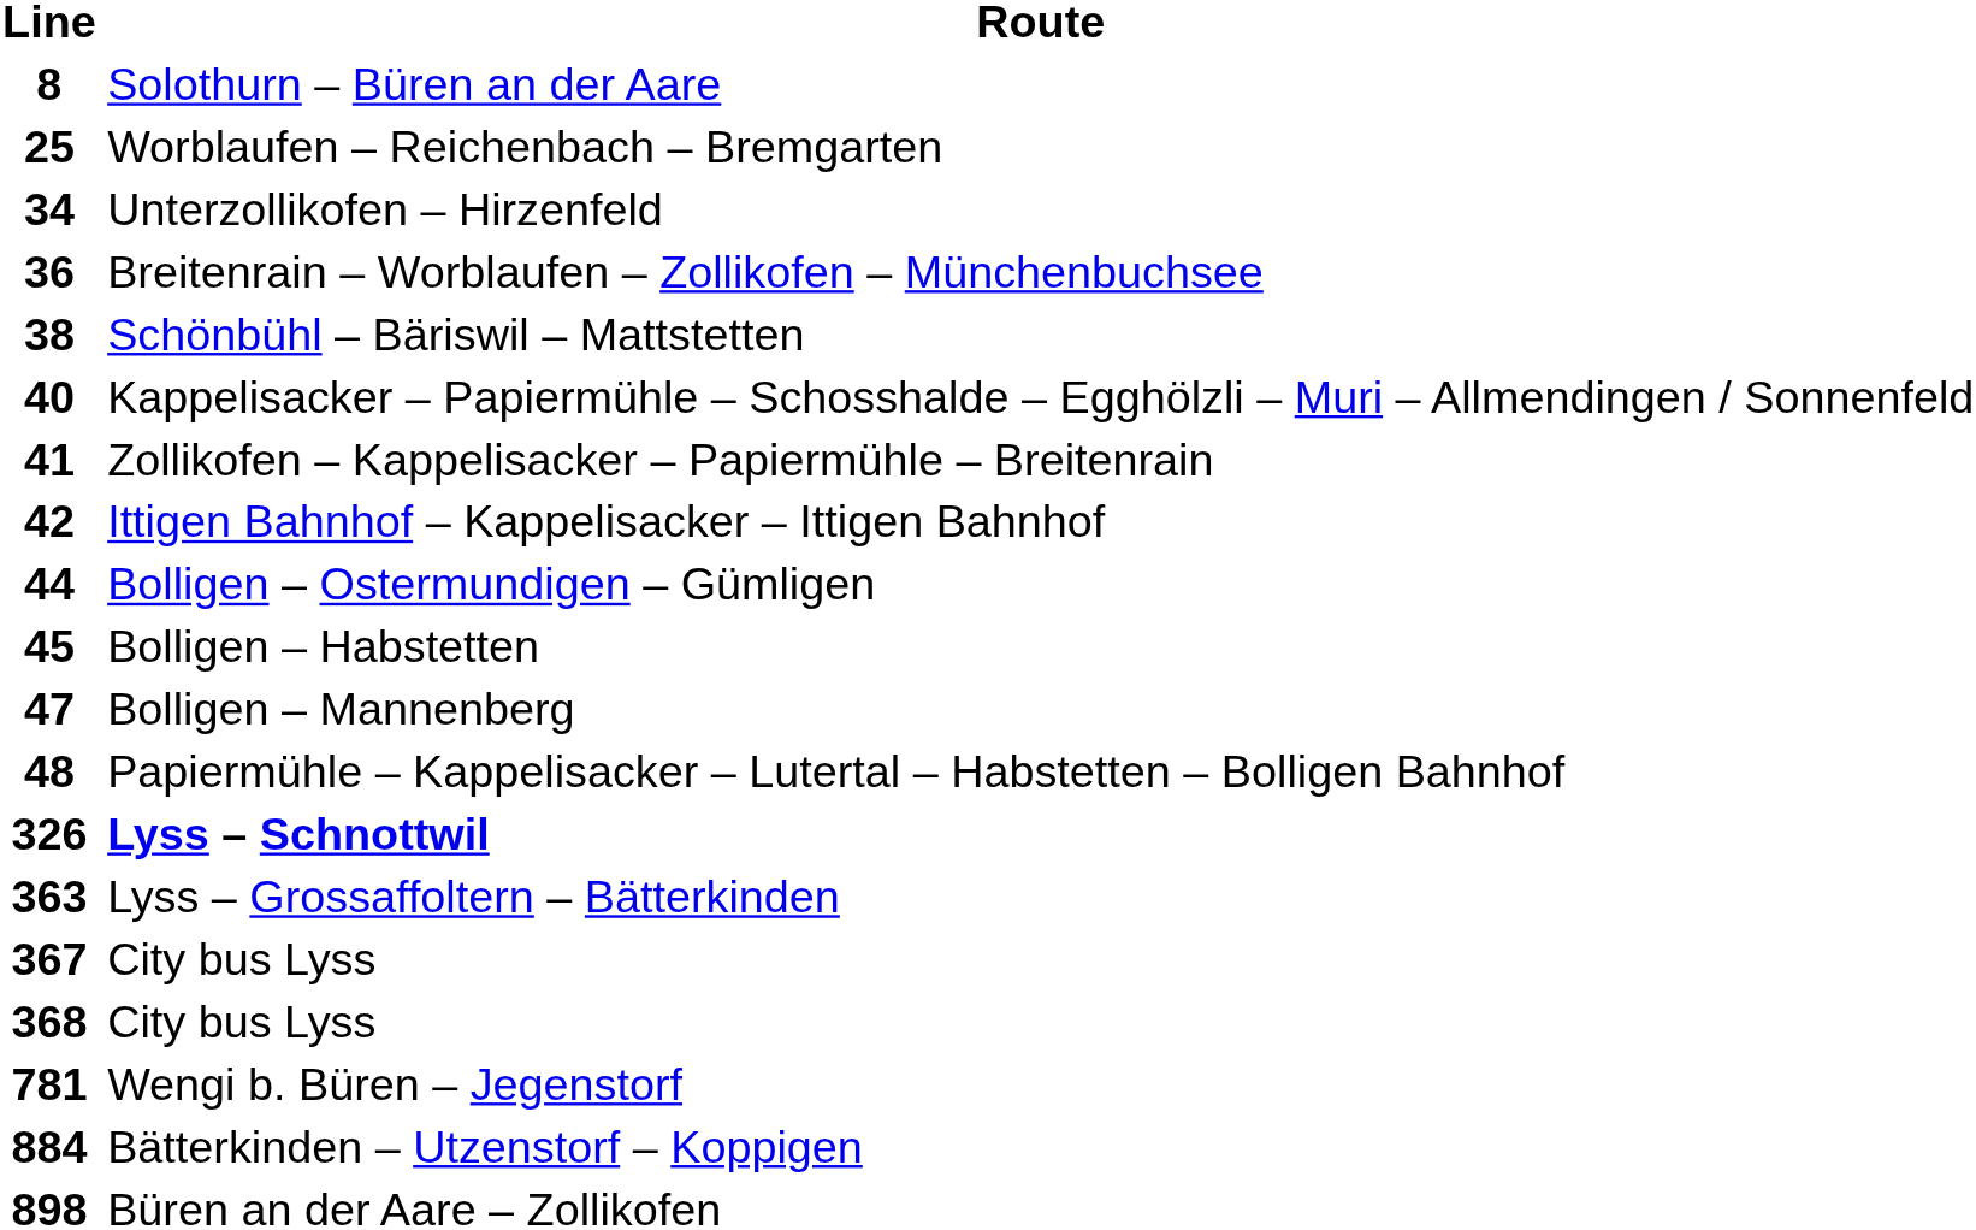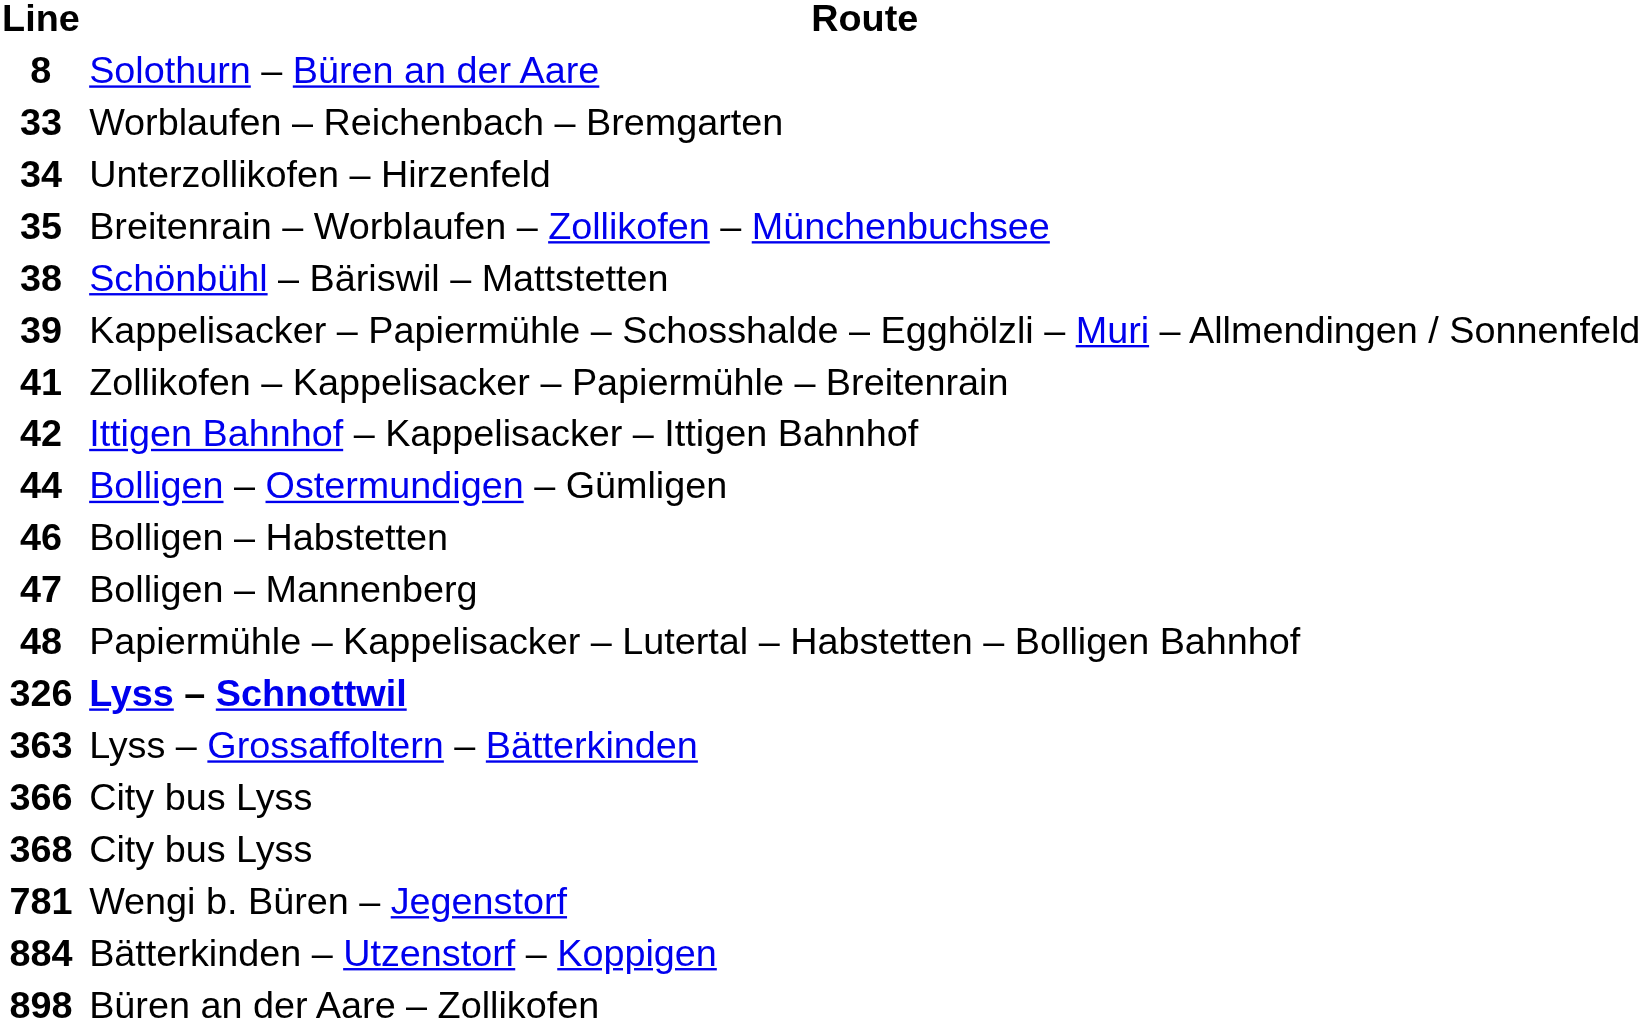 <table>
 <tr>
 <th>Line</th>
 <th>Route</th>
 </tr>
 <tr align="left">
 <td align="center" style="text-align:center;"><strong>8</strong></td>
 <td><a href='#'>Solothurn</a> – <a href='#'>Büren an der Aare</a></td>
 </tr>
 <tr align="left">
-<td align="center" style="text-align:center;"><strong>25</strong></td>
+<td align="center" style="text-align:center;"><strong>33</strong></td>
 <td>Worblaufen – Reichenbach – Bremgarten</td>
 </tr>
 <tr align="left">
 <td align="center" style="text-align:center;"><strong>34</strong></td>
 <td>Unterzollikofen – Hirzenfeld</td>
 </tr>
 <tr align="left">
-<td align="center" style="text-align:center;"><strong>36</strong></td>
+<td align="center" style="text-align:center;"><strong>35</strong></td>
 <td>Breitenrain – Worblaufen – <a href='#'>Zollikofen</a> – <a href='#'>Münchenbuchsee</a></td>
 </tr>
 <tr align="left">
 <td align="center" style="text-align:center;"><strong>38</strong></td>
 <td><a href='#'>Schönbühl</a> – Bäriswil – Mattstetten</td>
 </tr>
 <tr align="left">
-<td align="center" style="text-align:center;"><strong>40</strong></td>
+<td align="center" style="text-align:center;"><strong>39</strong></td>
 <td>Kappelisacker – Papiermühle – Schosshalde – Egghölzli – <a href='#'>Muri</a> – Allmendingen / Sonnenfeld</td>
 </tr>
 <tr align="left">
 <td align="center" style="text-align:center;"><strong>41</strong></td>
 <td>Zollikofen – Kappelisacker – Papiermühle – Breitenrain</td>
 </tr>
 <tr align="left">
 <td align="center" style="text-align:center;"><strong>42</strong></td>
 <td><a href='#'>Ittigen Bahnhof</a> – Kappelisacker – Ittigen Bahnhof</td>
 </tr>
 <tr align="left">
 <td align="center" style="text-align:center;"><strong>44</strong></td>
 <td><a href='#'>Bolligen</a> – <a href='#'>Ostermundigen</a> – Gümligen</td>
 </tr>
 <tr align="left">
-<td align="center" style="text-align:center;"><strong>45</strong></td>
+<td align="center" style="text-align:center;"><strong>46</strong></td>
 <td>Bolligen – Habstetten</td>
 </tr>
 <tr align="left">
 <td align="center" style="text-align:center;"><strong>47</strong></td>
 <td>Bolligen – Mannenberg</td>
 </tr>
 <tr align="left">
 <td align="center" style="text-align:center;"><strong>48</strong></td>
 <td>Papiermühle – Kappelisacker – Lutertal – Habstetten – Bolligen Bahnhof</td>
 </tr>
 <tr align="left">
 <td align="center" style="text-align:center;"><strong>326</strong></td>
 <td><strong><a href='#'>Lyss</a> – <a href='#'>Schnottwil</a></strong></td>
 </tr>
 <tr align="left">
 <td align="center" style="text-align:center;"><strong>363</strong></td>
 <td>Lyss – <a href='#'>Grossaffoltern</a> – <a href='#'>Bätterkinden</a></td>
 </tr>
 <tr align="left">
-<td align="center" style="text-align:center;"><strong>367</strong></td>
+<td align="center" style="text-align:center;"><strong>366</strong></td>
 <td>City bus Lyss</td>
 </tr>
 <tr align="left">
 <td align="center" style="text-align:center;"><strong>368</strong></td>
 <td>City bus Lyss</td>
 </tr>
 <tr align="left">
 <td align="center" style="text-align:center;"><strong>781</strong></td>
 <td>Wengi b. Büren – <a href='#'>Jegenstorf</a></td>
 </tr>
 <tr align="left">
 <td align="center" style="text-align:center;"><strong>884</strong></td>
 <td>Bätterkinden – <a href='#'>Utzenstorf</a> – <a href='#'>Koppigen</a></td>
 </tr>
 <tr align="left">
 <td align="center" style="text-align:center;"><strong>898</strong></td>
 <td>Büren an der Aare – Zollikofen</td>
 </tr>
 </table>
